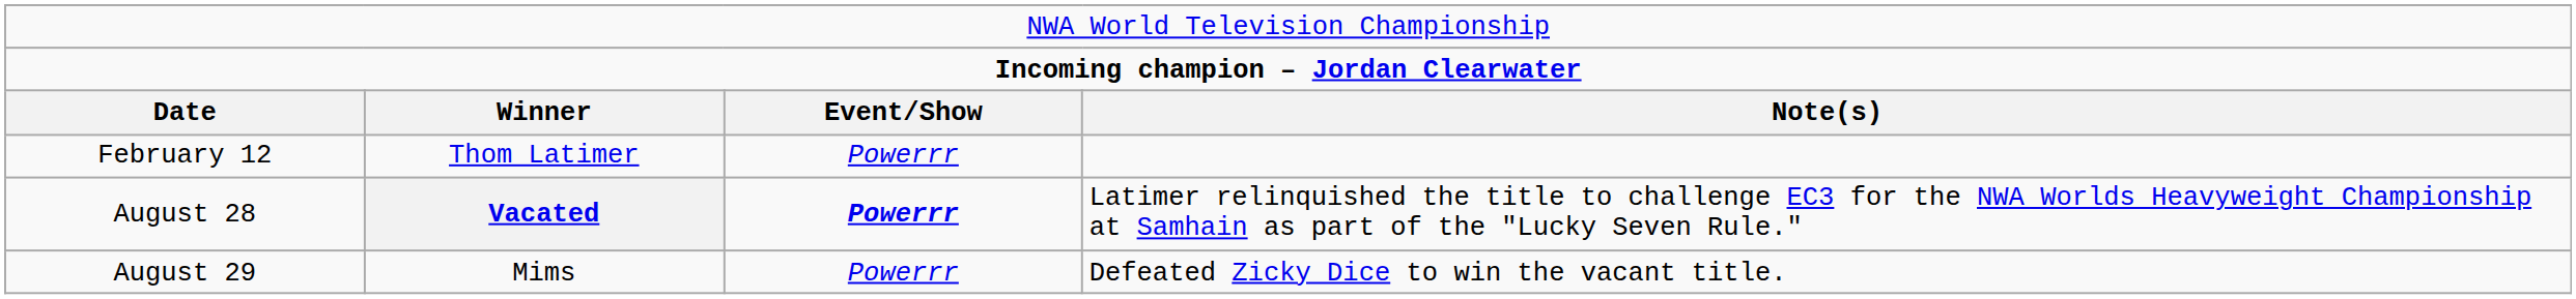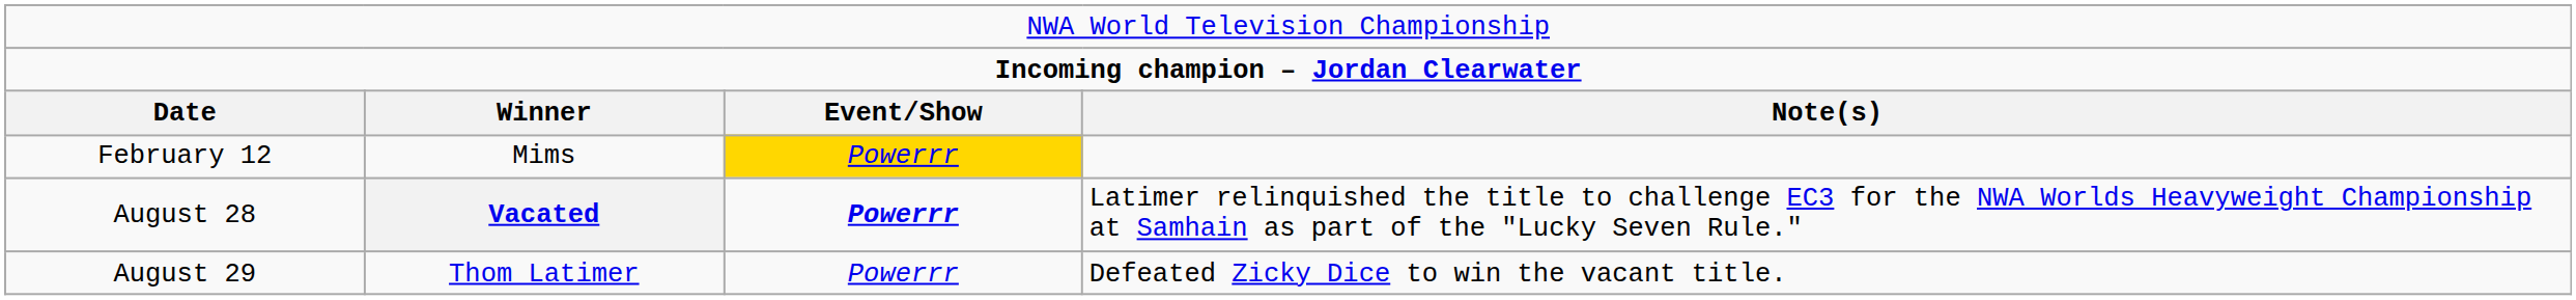 <table class="wikitable" style="text-align:center; width:100%;">
 <tr>
 <td colspan="5" style="text-align: center;"><a href='#'>NWA World Television Championship</a></td>
 </tr>
 <tr>
 <td colspan="5" style="text-align: center;"><strong>Incoming champion – <a href='#'>Jordan Clearwater</a></strong></td>
 </tr>
 <tr>
 <th width=14%>Date</th>
 <th width=14%>Winner</th>
 <th width=14%>Event/Show</th>
 <th width=58%>Note(s)</th>
 </tr>
 <tr>
 <td>February 12<br></td>
-<td><a href='#'>Thom Latimer</a></td>
-<td><a href='#'><em>Powerrr</em></a></td>
+<td>Mims</td>
+<td style="background: gold;"><a href='#'><em>Powerrr</em></a></td>
 <td></td>
 </tr>
 <tr>
 <td>August 28<br></td>
 <th><a href='#'>Vacated</a></th>
 <td><strong><em><a href='#'>Powerrr</a></em></strong></td>
 <td align=left>Latimer relinquished the title to challenge <a href='#'>EC3</a> for the <a href='#'>NWA Worlds Heavyweight Championship</a> at <a href='#'>Samhain</a> as part of the "Lucky Seven Rule."</td>
 </tr>
 <tr>
 <td>August 29<br></td>
-<td>Mims</td>
+<td><a href='#'>Thom Latimer</a></td>
 <td><em><a href='#'>Powerrr</a></em></td>
 <td align=left>Defeated <a href='#'>Zicky Dice</a> to win the vacant title.</td>
 </tr>
 </table>
